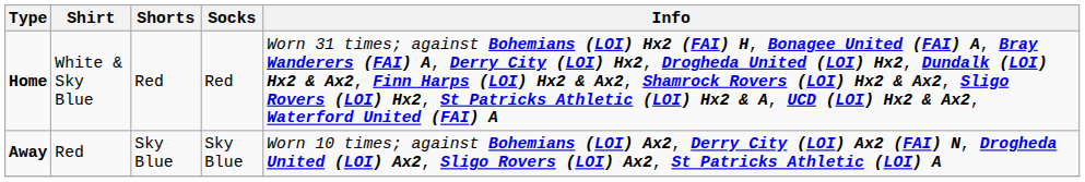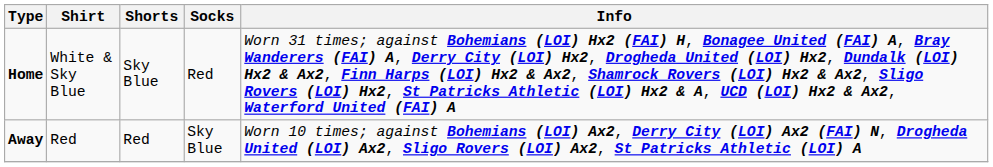 <table class="wikitable">
 <tr>
 <th>Type</th>
 <th>Shirt</th>
 <th>Shorts</th>
 <th>Socks</th>
 <th>Info</th>
 </tr>
 <tr>
 <td><span><strong>Home</strong></span></td>
 <td>White & Sky Blue</td>
-<td>Red</td>
+<td>Sky Blue</td>
 <td>Red</td>
 <td><em>Worn 31 times; against</em> <strong><em><a href='#'>Bohemians</a> (<a href='#'>LOI</a>) Hx2 (<a href='#'>FAI</a>) H</em></strong>, <strong><em><a href='#'>Bonagee United</a> (<a href='#'>FAI</a>) A</em></strong>, <strong><em><a href='#'>Bray Wanderers</a> (<a href='#'>FAI</a>) A</em></strong>, <strong><em><a href='#'>Derry City</a> (<a href='#'>LOI</a>) Hx2</em></strong>, <strong><em><a href='#'>Drogheda United</a> (<a href='#'>LOI</a>) Hx2</em></strong>, <strong><em><a href='#'>Dundalk</a> (<a href='#'>LOI</a>) Hx2 & Ax2</em></strong>, <strong><em><a href='#'>Finn Harps</a> (<a href='#'>LOI</a>) Hx2 & Ax2</em></strong>, <strong><em><a href='#'>Shamrock Rovers</a> (<a href='#'>LOI</a>) Hx2 & Ax2</em></strong>, <strong><em><a href='#'>Sligo Rovers</a> (<a href='#'>LOI</a>) Hx2</em></strong>, <strong><em><a href='#'>St Patricks Athletic</a> (<a href='#'>LOI</a>) Hx2 & A</em></strong>, <strong><em><a href='#'>UCD</a> (<a href='#'>LOI</a>) Hx2 & Ax2</em></strong>, <strong><em><a href='#'>Waterford United</a> (<a href='#'>FAI</a>) A</em></strong></td>
 </tr>
 <tr>
 <td><span><strong>Away</strong></span></td>
 <td>Red</td>
-<td>Sky Blue</td>
+<td>Red</td>
 <td>Sky Blue</td>
 <td><em>Worn 10 times; against</em> <strong><em><a href='#'>Bohemians</a> (<a href='#'>LOI</a>) Ax2</em></strong>, <strong><em><a href='#'>Derry City</a> (<a href='#'>LOI</a>) Ax2 (<a href='#'>FAI</a>) N</em></strong>, <strong><em><a href='#'>Drogheda United</a> (<a href='#'>LOI</a>) Ax2</em></strong>, <strong><em><a href='#'>Sligo Rovers</a> (<a href='#'>LOI</a>) Ax2</em></strong>,  <strong><em><a href='#'>St Patricks Athletic</a> (<a href='#'>LOI</a>) A</em></strong></td>
 </tr>
 <tr>
 </tr>
 </table>
